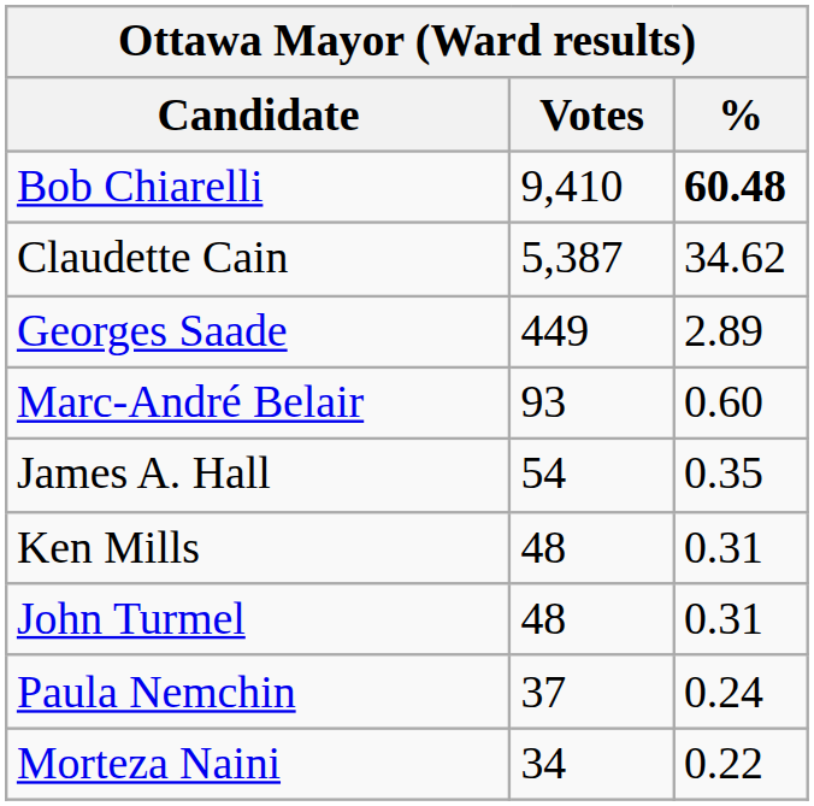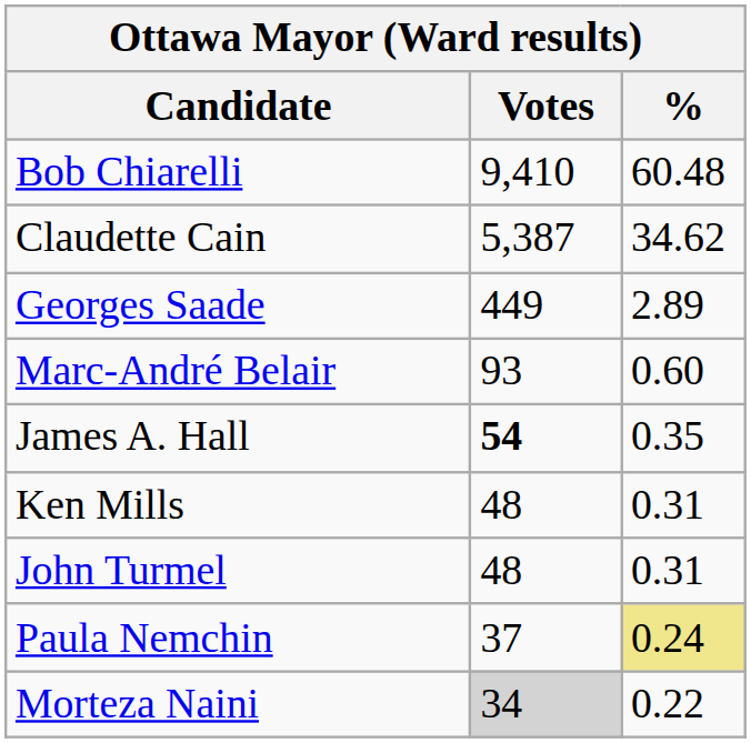 <table class="wikitable">
 <tr>
 <th colspan="3">Ottawa Mayor (Ward results)</th>
 </tr>
 <tr>
 <th style="width: 170px">Candidate</th>
 <th style="width: 50px">Votes</th>
 <th style="width: 40px">%</th>
 </tr>
 <tr>
 <td><a href='#'>Bob Chiarelli</a></td>
 <td>9,410</td>
-<td><strong>60.48</strong></td>
+<td>60.48</td>
 </tr>
 <tr>
 <td>Claudette Cain</td>
 <td>5,387</td>
 <td>34.62</td>
 </tr>
 <tr>
 <td><a href='#'>Georges Saade</a></td>
 <td>449</td>
 <td>2.89</td>
 </tr>
 <tr>
 <td><a href='#'>Marc-André Belair</a></td>
 <td>93</td>
 <td>0.60</td>
 </tr>
 <tr>
 <td>James A. Hall</td>
-<td>54</td>
+<td><strong>54</strong></td>
 <td>0.35</td>
 </tr>
 <tr>
 <td>Ken Mills</td>
 <td>48</td>
 <td>0.31</td>
 </tr>
 <tr>
 <td><a href='#'>John Turmel</a></td>
 <td>48</td>
 <td>0.31</td>
 </tr>
 <tr>
 <td><a href='#'>Paula Nemchin</a></td>
 <td>37</td>
-<td>0.24</td>
+<td style="background: khaki;">0.24</td>
 </tr>
 <tr>
 <td><a href='#'>Morteza Naini</a></td>
-<td>34</td>
+<td style="background: lightgrey;">34</td>
 <td>0.22</td>
 </tr>
 </table>
